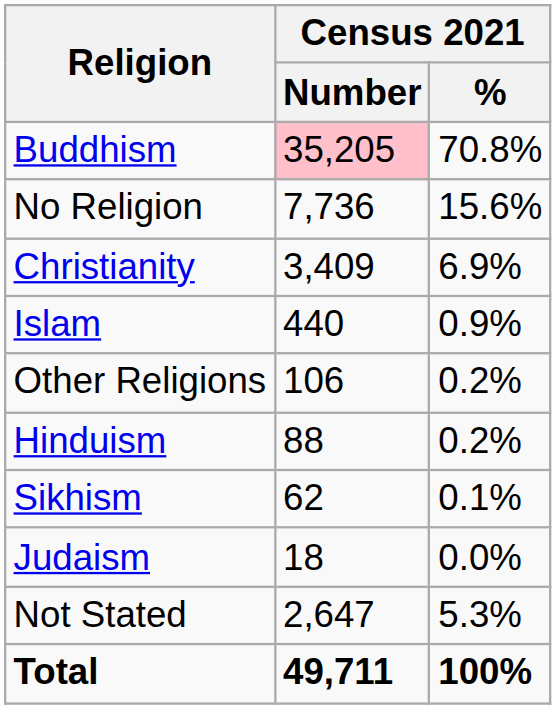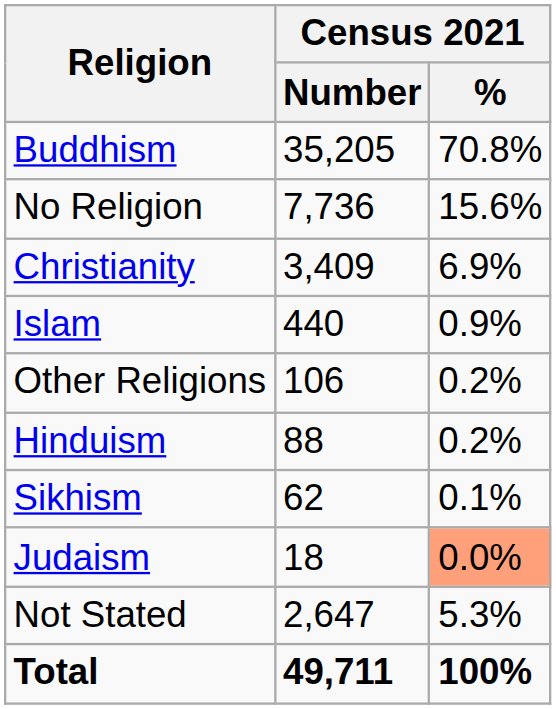 <table class="wikitable">
 <tr>
 <th rowspan="2">Religion</th>
 <th colspan="2">Census 2021</th>
 </tr>
 <tr>
 <th>Number</th>
 <th>%</th>
 </tr>
 <tr>
 <td> <a href='#'>Buddhism</a></td>
-<td style="background: pink;">35,205</td>
+<td>35,205</td>
 <td>70.8%</td>
 </tr>
 <tr>
 <td>No Religion</td>
 <td>7,736</td>
 <td>15.6%</td>
 </tr>
 <tr>
 <td> <a href='#'>Christianity</a></td>
 <td>3,409</td>
 <td>6.9%</td>
 </tr>
 <tr>
 <td> <a href='#'>Islam</a></td>
 <td>440</td>
 <td>0.9%</td>
 </tr>
 <tr>
 <td>Other Religions</td>
 <td>106</td>
 <td>0.2%</td>
 </tr>
 <tr>
 <td> <a href='#'>Hinduism</a></td>
 <td>88</td>
 <td>0.2%</td>
 </tr>
 <tr>
 <td> <a href='#'>Sikhism</a></td>
 <td>62</td>
 <td>0.1%</td>
 </tr>
 <tr>
 <td> <a href='#'>Judaism</a></td>
 <td>18</td>
-<td>0.0%</td>
+<td style="background: lightsalmon;">0.0%</td>
 </tr>
 <tr>
 <td>Not Stated</td>
 <td>2,647</td>
 <td>5.3%</td>
 </tr>
 <tr>
 <td><strong>Total</strong></td>
 <td><strong>49,711</strong></td>
 <td><strong>100%</strong></td>
 </tr>
 </table>
